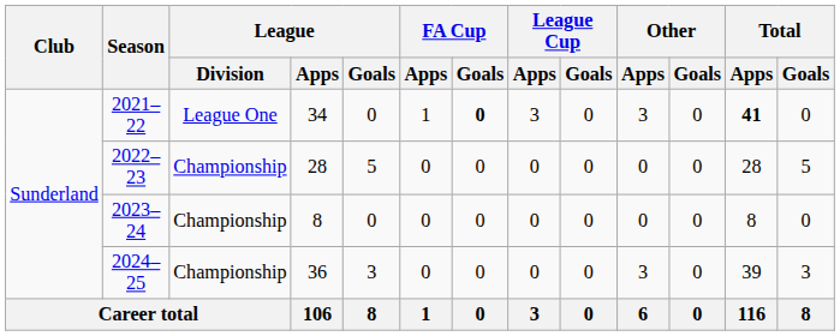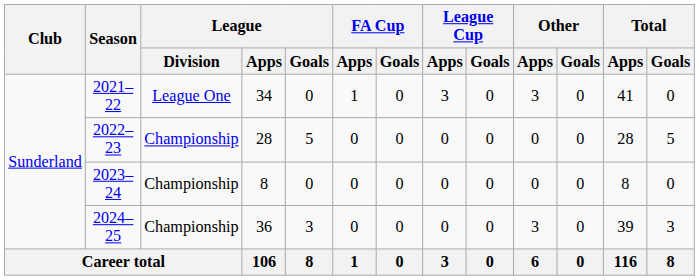 <table class=wikitable style=text-align:center>
 <tr>
 <th rowspan=2>Club</th>
 <th rowspan=2>Season</th>
 <th colspan=3>League</th>
 <th colspan=2><a href='#'>FA Cup</a></th>
 <th colspan=2><a href='#'>League Cup</a></th>
 <th colspan=2>Other</th>
 <th colspan=2>Total</th>
 </tr>
 <tr>
 <th>Division</th>
 <th>Apps</th>
 <th>Goals</th>
 <th>Apps</th>
 <th>Goals</th>
 <th>Apps</th>
 <th>Goals</th>
 <th>Apps</th>
 <th>Goals</th>
 <th>Apps</th>
 <th>Goals</th>
 </tr>
 <tr>
 <td rowspan="4"><a href='#'>Sunderland</a></td>
 <td><a href='#'>2021–22</a></td>
 <td><a href='#'>League One</a></td>
 <td>34</td>
 <td>0</td>
 <td>1</td>
-<td><strong>0</strong></td>
+<td>0</td>
 <td>3</td>
 <td>0</td>
 <td>3</td>
 <td>0</td>
-<td><strong>41</strong></td>
+<td>41</td>
 <td>0</td>
 </tr>
 <tr>
 <td><a href='#'>2022–23</a></td>
 <td><a href='#'>Championship</a></td>
 <td>28</td>
 <td>5</td>
 <td>0</td>
 <td>0</td>
 <td>0</td>
 <td>0</td>
 <td>0</td>
 <td>0</td>
 <td>28</td>
 <td>5</td>
 </tr>
 <tr>
 <td><a href='#'>2023–24</a></td>
 <td>Championship</td>
 <td>8</td>
 <td>0</td>
 <td>0</td>
 <td>0</td>
 <td>0</td>
 <td>0</td>
 <td>0</td>
 <td>0</td>
 <td>8</td>
 <td>0</td>
 </tr>
 <tr>
 <td><a href='#'>2024–25</a></td>
 <td>Championship</td>
 <td>36</td>
 <td>3</td>
 <td>0</td>
 <td>0</td>
 <td>0</td>
 <td>0</td>
 <td>3</td>
 <td>0</td>
 <td>39</td>
 <td>3</td>
 </tr>
 <tr>
 <th colspan="3">Career total</th>
 <th>106</th>
 <th>8</th>
 <th>1</th>
 <th>0</th>
 <th>3</th>
 <th>0</th>
 <th>6</th>
 <th>0</th>
 <th>116</th>
 <th>8</th>
 </tr>
 </table>
